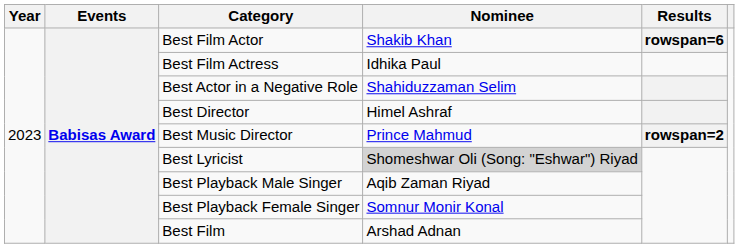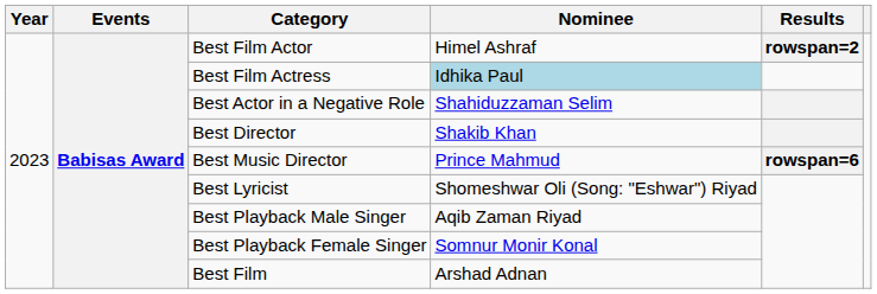 <table class="wikitable">
 <tr>
 <th>Year</th>
 <th>Events</th>
 <th>Category</th>
 <th>Nominee</th>
 <th>Results</th>
 <th></th>
 </tr>
 <tr>
 <td rowspan="9">2023</td>
 <th rowspan="9"><a href='#'>Babisas Award</a></th>
 <td>Best Film Actor</td>
-<td><a href='#'>Shakib Khan</a></td>
-<th>rowspan=6 </th>
+<td>Himel Ashraf</td>
+<th>rowspan=2 </th>
 <td rowspan="9"></td>
 </tr>
 <tr>
 <td>Best Film Actress</td>
-<td>Idhika Paul</td>
+<td style="background: lightblue;">Idhika Paul</td>
 </tr>
 <tr>
 <td>Best Actor in a Negative Role</td>
 <td><a href='#'>Shahiduzzaman Selim</a></td>
 <th></th>
 </tr>
 <tr>
 <td>Best Director</td>
-<td>Himel Ashraf</td>
+<td><a href='#'>Shakib Khan</a></td>
 <th></th>
 </tr>
 <tr>
 <td>Best Music Director</td>
 <td><a href='#'>Prince Mahmud</a></td>
-<th>rowspan=2 </th>
+<th>rowspan=6 </th>
 </tr>
 <tr>
 <td>Best Lyricist</td>
-<td style="background: lightgrey;">Shomeshwar Oli (Song: "Eshwar") Riyad</td>
+<td>Shomeshwar Oli (Song: "Eshwar") Riyad</td>
 </tr>
 <tr>
 <td>Best Playback Male Singer</td>
 <td>Aqib Zaman Riyad</td>
 </tr>
 <tr>
 <td>Best Playback Female Singer</td>
 <td><a href='#'>Somnur Monir Konal</a></td>
 </tr>
 <tr>
 <td>Best Film</td>
 <td>Arshad Adnan</td>
 </tr>
 </table>
